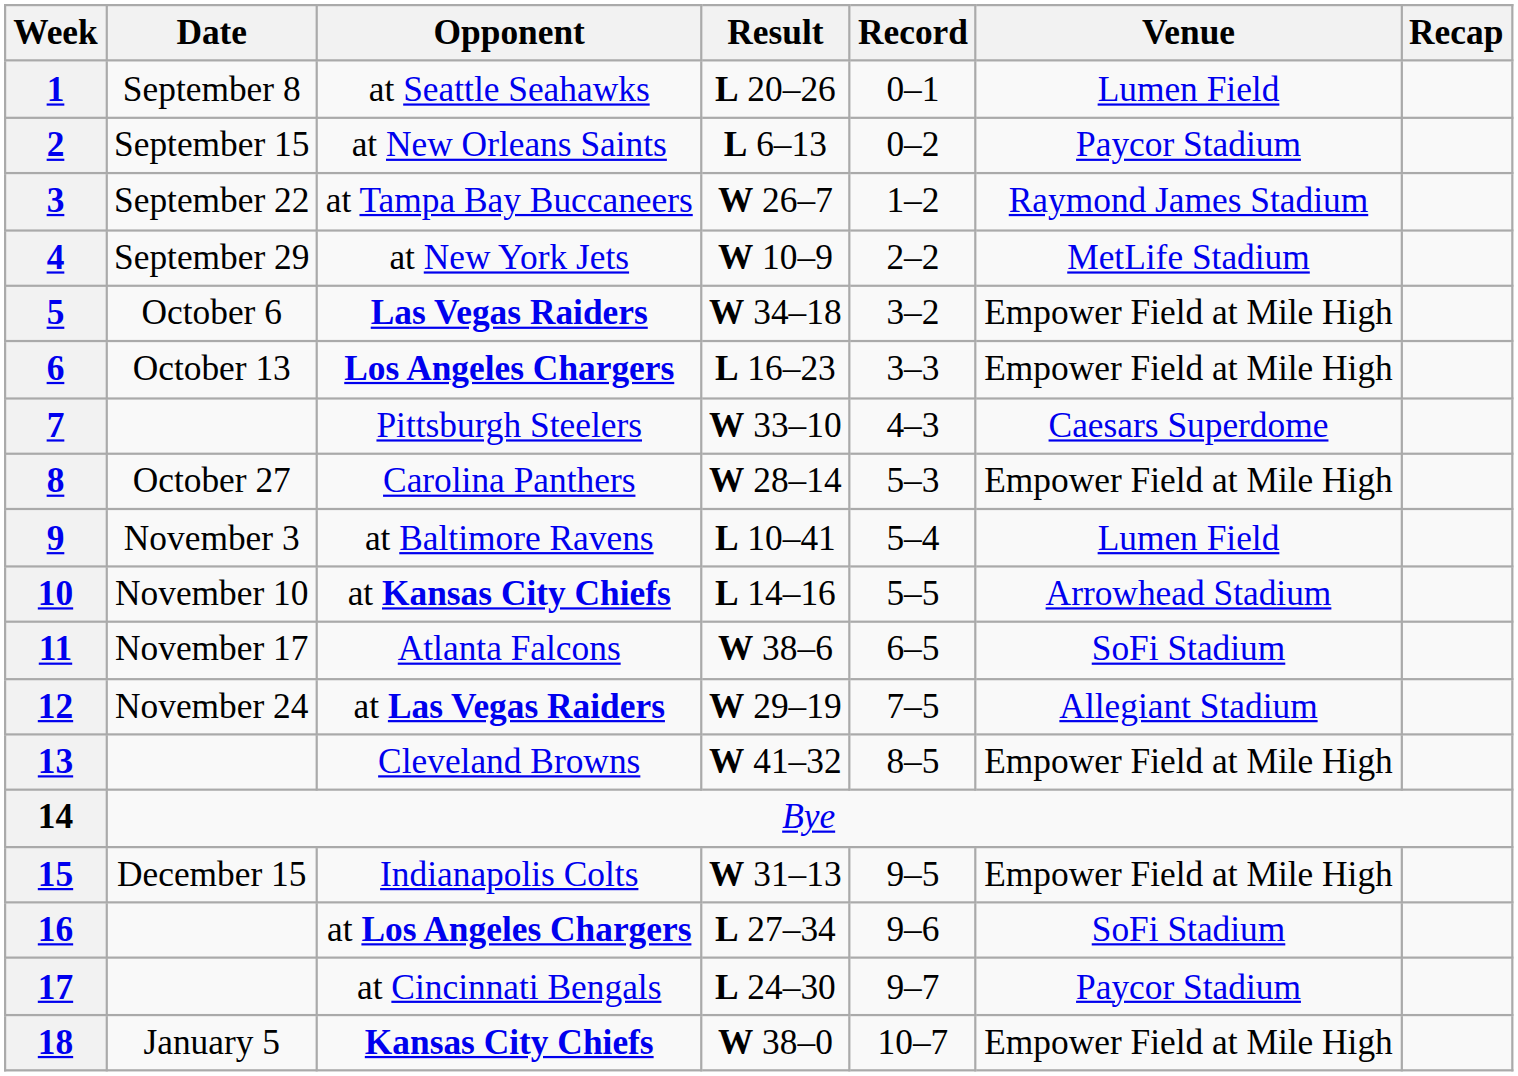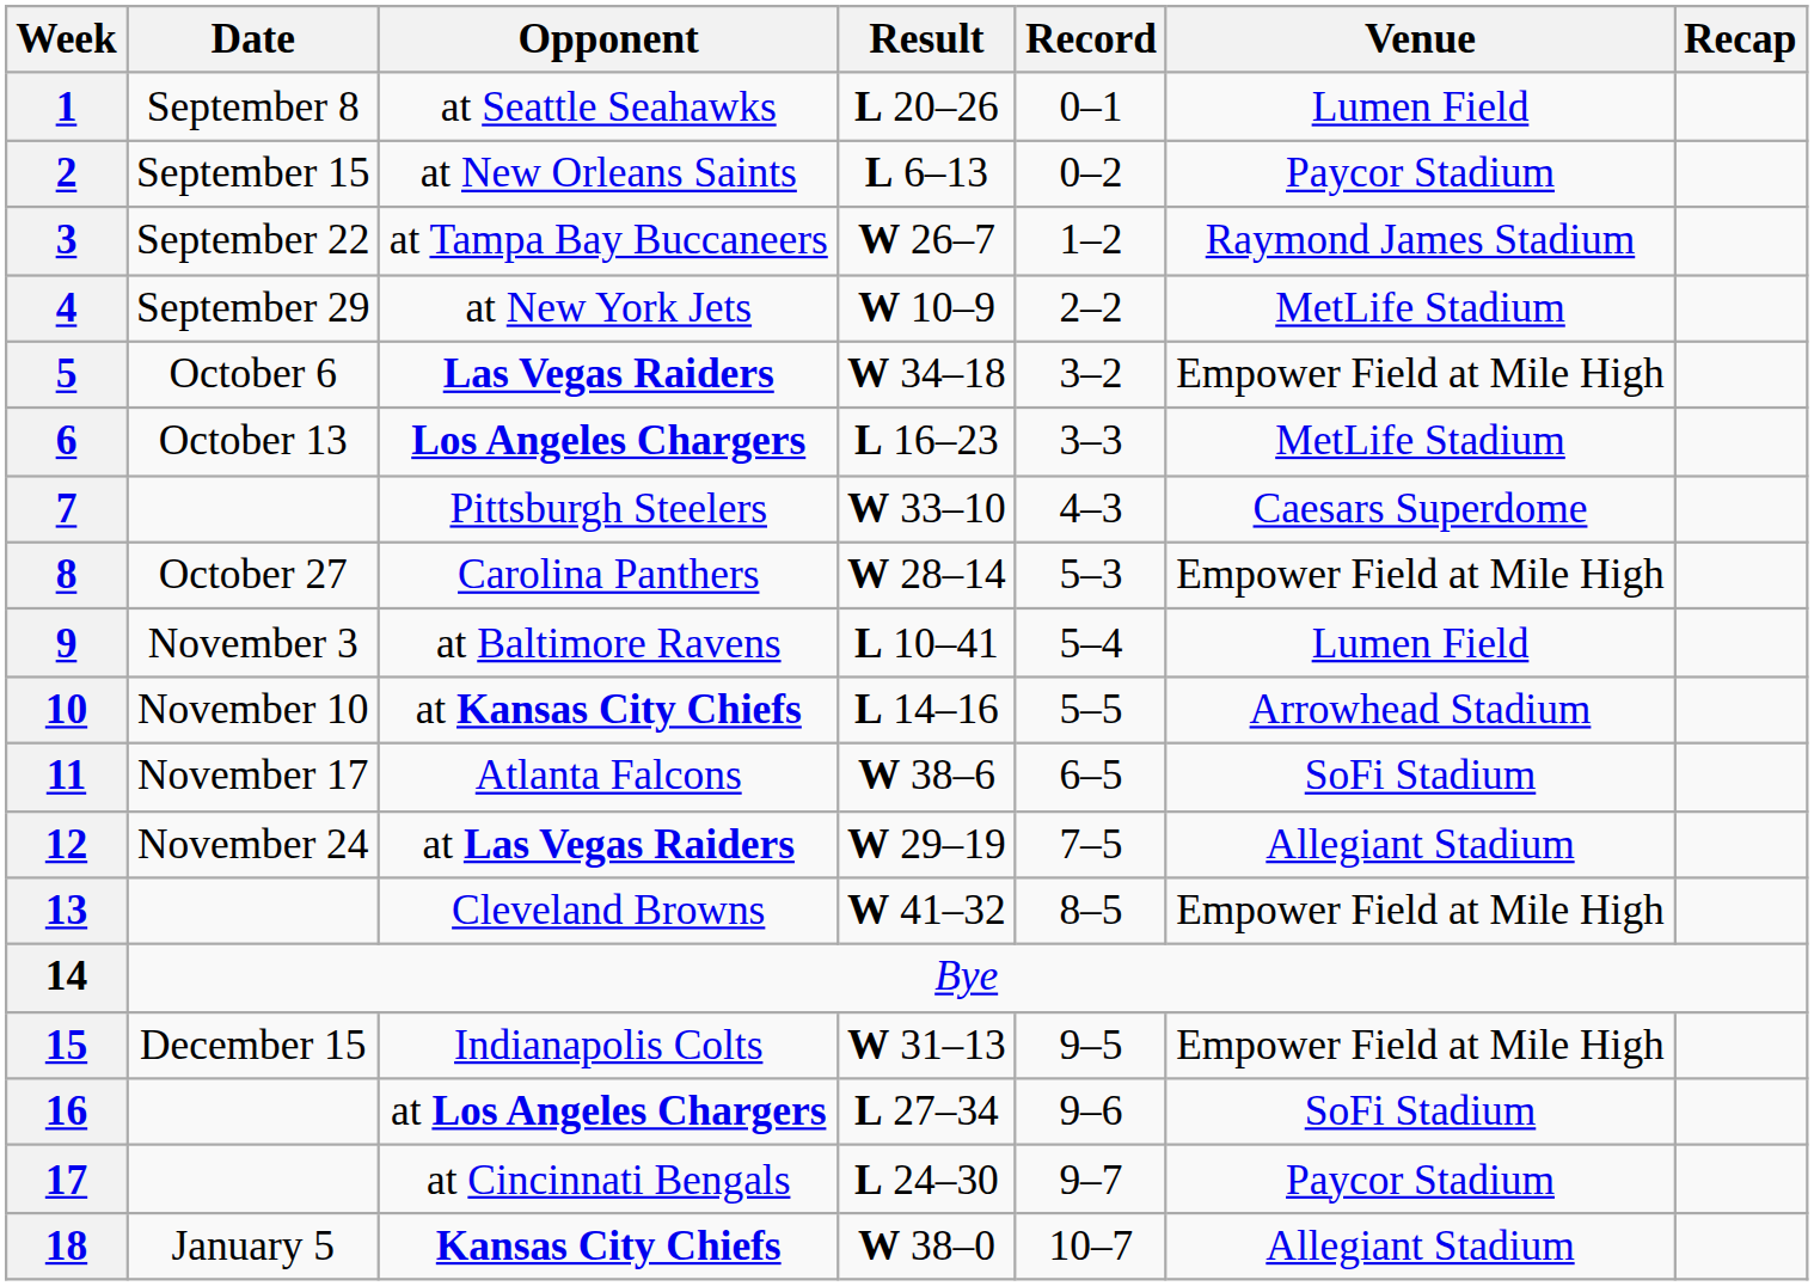 <table class="wikitable" style="text-align:center">
 <tr>
 <th>Week</th>
 <th>Date</th>
 <th>Opponent</th>
 <th>Result</th>
 <th>Record</th>
 <th>Venue</th>
 <th>Recap</th>
 </tr>
 <tr>
 <th><a href='#'>1</a></th>
 <td>September 8</td>
 <td>at <a href='#'>Seattle Seahawks</a></td>
 <td><strong>L</strong> 20–26</td>
 <td>0–1</td>
 <td><a href='#'>Lumen Field</a></td>
 <td></td>
 </tr>
 <tr>
 <th><a href='#'>2</a></th>
 <td>September 15</td>
 <td>at <a href='#'>New Orleans Saints</a></td>
 <td><strong>L</strong> 6–13</td>
 <td>0–2</td>
 <td><a href='#'>Paycor Stadium</a></td>
 <td></td>
 </tr>
 <tr>
 <th><a href='#'>3</a></th>
 <td>September 22</td>
 <td>at <a href='#'>Tampa Bay Buccaneers</a></td>
 <td><strong>W</strong> 26–7</td>
 <td>1–2</td>
 <td><a href='#'>Raymond James Stadium</a></td>
 <td></td>
 </tr>
 <tr>
 <th><a href='#'>4</a></th>
 <td>September 29</td>
 <td>at <a href='#'>New York Jets</a></td>
 <td><strong>W</strong> 10–9</td>
 <td>2–2</td>
 <td><a href='#'>MetLife Stadium</a></td>
 <td></td>
 </tr>
 <tr>
 <th><a href='#'>5</a></th>
 <td>October 6</td>
 <td><strong><a href='#'>Las Vegas Raiders</a></strong></td>
 <td><strong>W</strong> 34–18</td>
 <td>3–2</td>
 <td>Empower Field at Mile High</td>
 <td></td>
 </tr>
 <tr>
 <th><a href='#'>6</a></th>
 <td>October 13</td>
 <td><strong><a href='#'>Los Angeles Chargers</a></strong></td>
 <td><strong>L</strong> 16–23</td>
 <td>3–3</td>
-<td>Empower Field at Mile High</td>
+<td><a href='#'>MetLife Stadium</a></td>
 <td></td>
 </tr>
 <tr>
 <th><a href='#'>7</a></th>
 <td></td>
 <td><a href='#'>Pittsburgh Steelers</a></td>
 <td><strong>W</strong> 33–10</td>
 <td>4–3</td>
 <td><a href='#'>Caesars Superdome</a></td>
 <td></td>
 </tr>
 <tr>
 <th><a href='#'>8</a></th>
 <td>October 27</td>
 <td><a href='#'>Carolina Panthers</a></td>
 <td><strong>W</strong> 28–14</td>
 <td>5–3</td>
 <td>Empower Field at Mile High</td>
 <td></td>
 </tr>
 <tr>
 <th><a href='#'>9</a></th>
 <td>November 3</td>
 <td>at <a href='#'>Baltimore Ravens</a></td>
 <td><strong>L</strong> 10–41</td>
 <td>5–4</td>
 <td><a href='#'>Lumen Field</a></td>
 <td></td>
 </tr>
 <tr>
 <th><a href='#'>10</a></th>
 <td>November 10</td>
 <td>at <strong><a href='#'>Kansas City Chiefs</a></strong></td>
 <td><strong>L</strong> 14–16</td>
 <td>5–5</td>
 <td><a href='#'>Arrowhead Stadium</a></td>
 <td></td>
 </tr>
 <tr>
 <th><a href='#'>11</a></th>
 <td>November 17</td>
 <td><a href='#'>Atlanta Falcons</a></td>
 <td><strong>W</strong> 38–6</td>
 <td>6–5</td>
 <td><a href='#'>SoFi Stadium</a></td>
 <td></td>
 </tr>
 <tr>
 <th><a href='#'>12</a></th>
 <td>November 24</td>
 <td>at <strong><a href='#'>Las Vegas Raiders</a></strong></td>
 <td><strong>W</strong> 29–19</td>
 <td>7–5</td>
 <td><a href='#'>Allegiant Stadium</a></td>
 <td></td>
 </tr>
 <tr>
 <th><a href='#'>13</a></th>
 <td></td>
 <td><a href='#'>Cleveland Browns</a></td>
 <td><strong>W</strong> 41–32</td>
 <td>8–5</td>
 <td>Empower Field at Mile High</td>
 <td></td>
 </tr>
 <tr>
 <th>14</th>
 <td colspan="6"><em><a href='#'>Bye</a></em></td>
 </tr>
 <tr>
 <th><a href='#'>15</a></th>
 <td>December 15</td>
 <td><a href='#'>Indianapolis Colts</a></td>
 <td><strong>W</strong> 31–13</td>
 <td>9–5</td>
 <td>Empower Field at Mile High</td>
 <td></td>
 </tr>
 <tr>
 <th><a href='#'>16</a></th>
 <td></td>
 <td>at <strong><a href='#'>Los Angeles Chargers</a></strong></td>
 <td><strong>L</strong> 27–34</td>
 <td>9–6</td>
 <td><a href='#'>SoFi Stadium</a></td>
 <td></td>
 </tr>
 <tr>
 <th><a href='#'>17</a></th>
 <td></td>
 <td>at <a href='#'>Cincinnati Bengals</a></td>
 <td><strong>L</strong> 24–30 </td>
 <td>9–7</td>
 <td><a href='#'>Paycor Stadium</a></td>
 <td></td>
 </tr>
 <tr>
 <th><a href='#'>18</a></th>
 <td>January 5</td>
 <td><strong><a href='#'>Kansas City Chiefs</a></strong></td>
 <td><strong>W</strong> 38–0</td>
 <td>10–7</td>
-<td>Empower Field at Mile High</td>
+<td><a href='#'>Allegiant Stadium</a></td>
 <td></td>
 </tr>
 </table>
